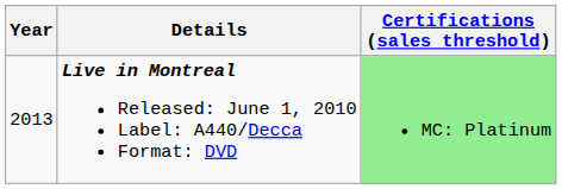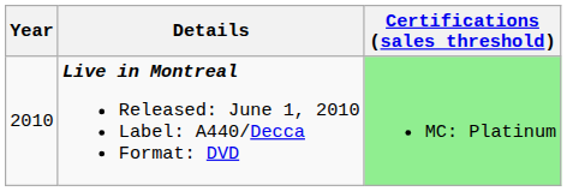 <table class="wikitable" style="text-align:center;">
 <tr>
 <th>Year</th>
 <th>Details</th>
 <th><a href='#'>Certifications</a><br>(<a href='#'>sales threshold</a>)</th>
 </tr>
 <tr>
-<td>2013</td>
+<td>2010</td>
 <td style="text-align:left;"><strong><em>Live in Montreal</em></strong><br><ul><li>Released: June 1, 2010</li><li>Label: A440/<a href='#'>Decca</a></li><li>Format: <a href='#'>DVD</a></li></ul></td>
 <td style="background: lightgreen; text-align:left;"><br><ul><li>MC: Platinum</li></ul></td>
 </tr>
 </table>
